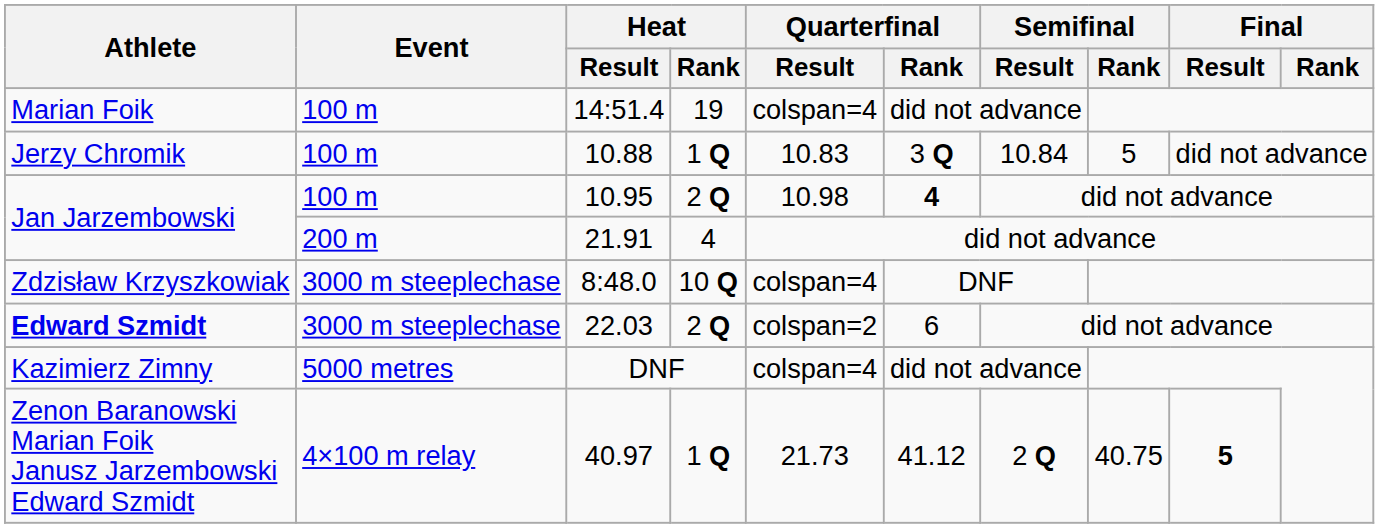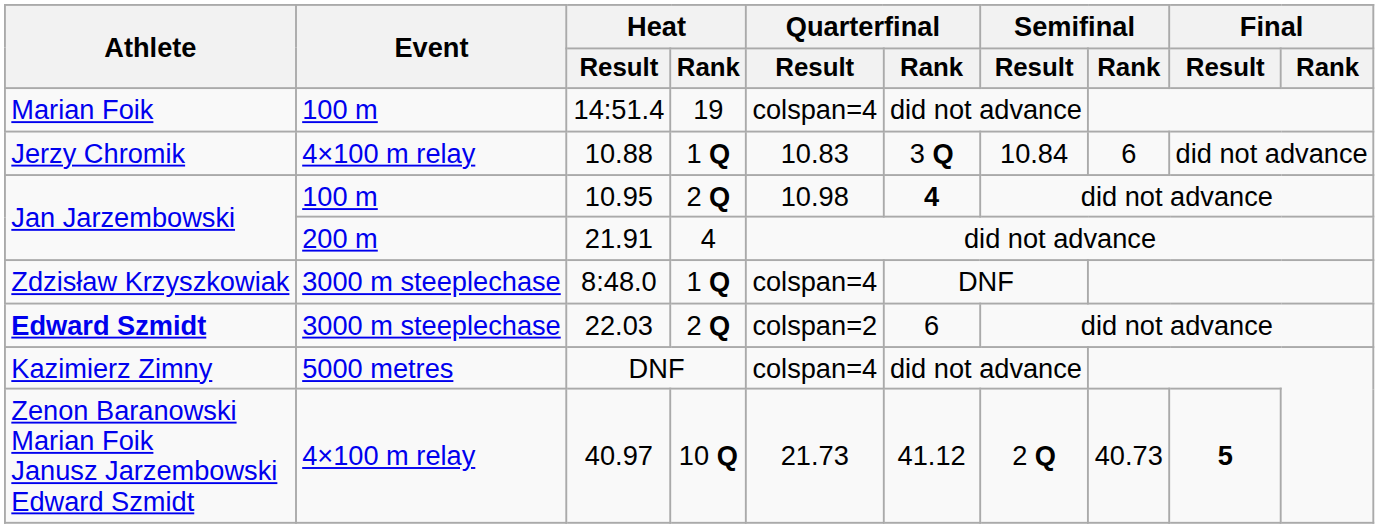 <table class="wikitable" style="font-size:90%">
 <tr>
 <th rowspan="2">Athlete</th>
 <th rowspan="2">Event</th>
 <th colspan="2">Heat</th>
 <th colspan="2">Quarterfinal</th>
 <th colspan="2">Semifinal</th>
 <th colspan="2">Final</th>
 </tr>
 <tr style="font-size:95%">
 <th>Result</th>
 <th>Rank</th>
 <th>Result</th>
 <th>Rank</th>
 <th>Result</th>
 <th>Rank</th>
 <th>Result</th>
 <th>Rank</th>
 </tr>
 <tr align=center>
 <td align=left><a href='#'>Marian Foik</a></td>
 <td align=left><a href='#'>100 m</a></td>
 <td>14:51.4</td>
 <td>19</td>
 <td>colspan=4 </td>
 <td colspan=2>did not advance</td>
 </tr>
 <tr align=center>
 <td align=left><a href='#'>Jerzy Chromik</a></td>
-<td align=left><a href='#'>100 m</a></td>
+<td align=left><a href='#'>4×100 m relay</a></td>
 <td>10.88</td>
 <td>1 <strong>Q</strong></td>
 <td>10.83</td>
 <td>3 <strong>Q</strong></td>
 <td>10.84</td>
-<td>5</td>
+<td>6</td>
 <td colspan=2>did not advance</td>
 </tr>
 <tr align=center>
 <td align=left rowspan=2><a href='#'>Jan Jarzembowski</a></td>
 <td align=left><a href='#'>100 m</a></td>
 <td>10.95</td>
 <td>2 <strong>Q</strong></td>
 <td>10.98</td>
 <td><strong>4</strong></td>
 <td colspan=4>did not advance</td>
 </tr>
 <tr align=center>
 <td align=left><a href='#'>200 m</a></td>
 <td>21.91</td>
 <td>4</td>
 <td colspan=6>did not advance</td>
 </tr>
 <tr align=center>
 <td align=left><a href='#'>Zdzisław Krzyszkowiak</a></td>
 <td align=left><a href='#'>3000 m steeplechase</a></td>
 <td>8:48.0</td>
-<td>10 <strong>Q</strong></td>
+<td>1 <strong>Q</strong></td>
 <td>colspan=4 </td>
 <td colspan=2>DNF</td>
 </tr>
 <tr align=center>
 <td align=left><strong><a href='#'>Edward Szmidt</a></strong></td>
 <td align=left><a href='#'>3000 m steeplechase</a></td>
 <td>22.03</td>
 <td>2 <strong>Q</strong></td>
 <td>colspan=2 </td>
 <td>6</td>
 <td colspan=4>did not advance</td>
 </tr>
 <tr align=center>
 <td align=left><a href='#'>Kazimierz Zimny</a></td>
 <td align=left><a href='#'>5000 metres</a></td>
 <td colspan=2>DNF</td>
 <td>colspan=4 </td>
 <td colspan=2>did not advance</td>
 </tr>
 <tr align=center>
 <td align=left><a href='#'>Zenon Baranowski</a><br><a href='#'>Marian Foik</a><br><a href='#'>Janusz Jarzembowski</a><br><a href='#'>Edward Szmidt</a></td>
 <td align=left><a href='#'>4×100 m relay</a></td>
 <td>40.97</td>
-<td>1 <strong>Q</strong></td>
+<td>10 <strong>Q</strong></td>
 <td>21.73</td>
 <td>41.12</td>
 <td>2 <strong>Q</strong></td>
-<td>40.75</td>
+<td>40.73</td>
 <td><strong>5</strong></td>
 </tr>
 </table>
